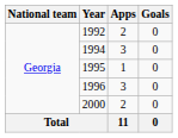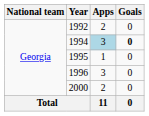 <table class="wikitable" style="text-align:center">
 <tr>
 <th>National team</th>
 <th>Year</th>
 <th>Apps</th>
 <th>Goals</th>
 </tr>
 <tr>
 <td rowspan="5"><a href='#'>Georgia</a></td>
 <td>1992</td>
 <td>2</td>
 <td>0</td>
 </tr>
 <tr>
 <td>1994</td>
-<td>3</td>
-<td>0</td>
+<td style="background: lightblue;">3</td>
+<td><strong>0</strong></td>
 </tr>
 <tr>
 <td>1995</td>
 <td>1</td>
 <td>0</td>
 </tr>
 <tr>
 <td>1996</td>
 <td>3</td>
 <td>0</td>
 </tr>
 <tr>
 <td>2000</td>
 <td>2</td>
 <td>0</td>
 </tr>
 <tr>
 <th colspan="2">Total</th>
 <th>11</th>
 <th>0</th>
 </tr>
 </table>
